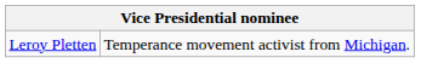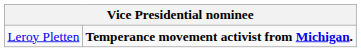 <table class=wikitable>
 <tr>
 <th colspan=2>Vice Presidential nominee</th>
 </tr>
 <tr>
 <td><a href='#'>Leroy Pletten</a></td>
-<td>Temperance movement activist from <a href='#'>Michigan</a>.</td>
+<td><strong>Temperance movement activist from <a href='#'>Michigan</a>.</strong></td>
 </tr>
 </table>
